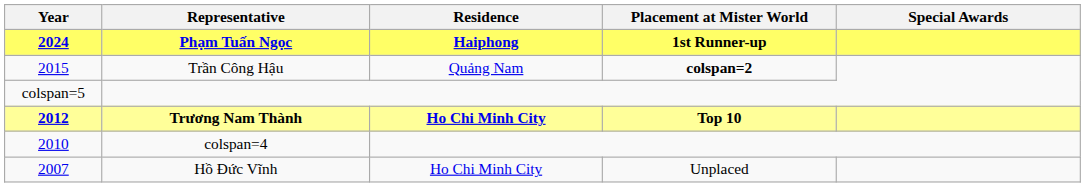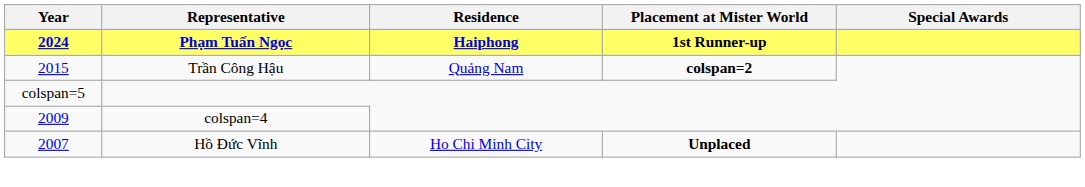 <table class="wikitable sortable" style="font-size: 85%; text-align:center">
 <tr>
 <th width="80">Year</th>
 <th width="230">Representative</th>
 <th width="200">Residence</th>
 <th width="200">Placement at Mister World</th>
 <th width="210">Special Awards</th>
 </tr>
 <tr style="background-color:#FFFF66;">
 <td><a href='#'><strong>2024</strong></a></td>
 <td><strong><a href='#'>Phạm Tuấn Ngọc</a></strong></td>
 <td><strong><a href='#'>Haiphong</a></strong></td>
 <td><strong>1st Runner-up</strong></td>
 <td></td>
 </tr>
 <tr>
 <td><a href='#'>2015</a></td>
 <td>Trần Công Hậu</td>
 <td><a href='#'>Quảng Nam</a></td>
 <td><strong>colspan=2 </strong></td>
 </tr>
 <tr>
 <td>colspan=5 </td>
 </tr>
-<tr style="background-color:#FFFF99;">
-<td><strong><a href='#'>2012</a></strong></td>
-<td><strong>Trương Nam Thành</strong></td>
-<td><strong><a href='#'>Ho Chi Minh City</a></strong></td>
-<td><strong>Top 10</strong></td>
-<td style="background:;"></td>
-</tr>
 <tr>
-<td><a href='#'>2010</a></td>
+<td><a href='#'>2009</a></td>
 <td>colspan=4 </td>
 </tr>
 <tr>
 <td><a href='#'>2007</a></td>
 <td>Hồ Đức Vĩnh</td>
 <td><a href='#'>Ho Chi Minh City</a></td>
-<td>Unplaced</td>
+<td><strong>Unplaced</strong></td>
 <td></td>
 </tr>
 </table>
